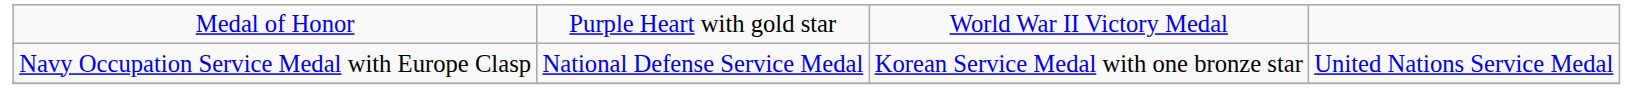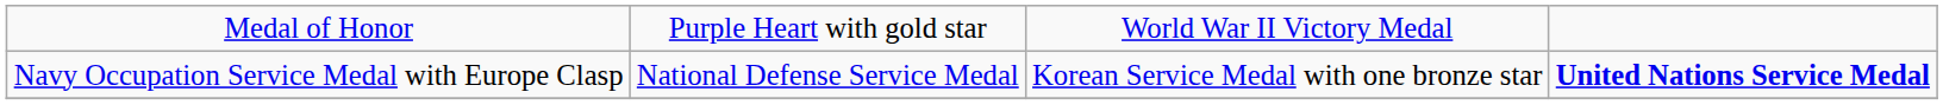 <table class="wikitable" style="margin:1em auto; text-align:center;">
 <tr>
 <td><a href='#'>Medal of Honor</a></td>
 <td><a href='#'>Purple Heart</a> with gold star</td>
 <td><a href='#'>World War II Victory Medal</a></td>
 </tr>
 <tr>
 <td><a href='#'>Navy Occupation Service Medal</a> with Europe Clasp</td>
 <td><a href='#'>National Defense Service Medal</a></td>
 <td><a href='#'>Korean Service Medal</a> with one bronze star</td>
-<td><a href='#'>United Nations Service Medal</a></td>
+<td><strong><a href='#'>United Nations Service Medal</a></strong></td>
 </tr>
 <tr>
 </tr>
 </table>
